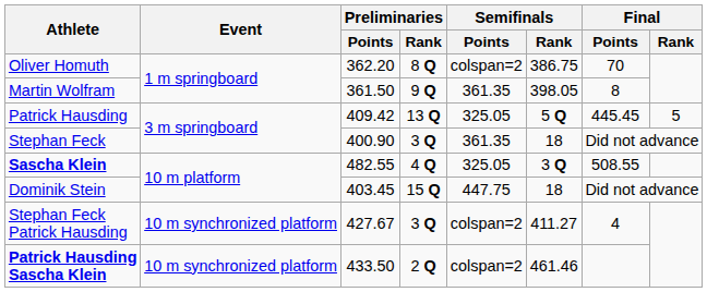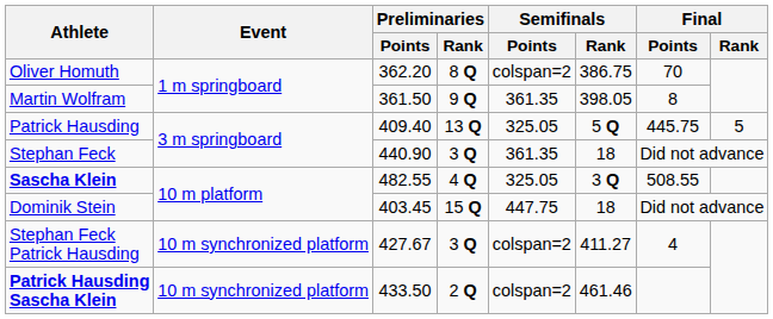 <table class=wikitable style="font-size:90%;">
 <tr>
 <th rowspan="2">Athlete</th>
 <th rowspan="2">Event</th>
 <th colspan="2">Preliminaries</th>
 <th colspan="2">Semifinals</th>
 <th colspan="2">Final</th>
 </tr>
 <tr style="font-size:95%">
 <th>Points</th>
 <th>Rank</th>
 <th>Points</th>
 <th>Rank</th>
 <th>Points</th>
 <th>Rank</th>
 </tr>
 <tr align=center>
 <td align=left><a href='#'>Oliver Homuth</a></td>
 <td align=left rowspan=2><a href='#'>1 m springboard</a></td>
 <td>362.20</td>
 <td>8 <strong>Q</strong></td>
 <td>colspan=2 </td>
 <td>386.75</td>
 <td>70</td>
 </tr>
 <tr align=center>
 <td align=left><a href='#'>Martin Wolfram</a></td>
 <td>361.50</td>
 <td>9 <strong>Q</strong></td>
 <td>361.35</td>
 <td>398.05</td>
 <td>8</td>
 </tr>
 <tr align=center>
 <td align=left><a href='#'>Patrick Hausding</a></td>
 <td align=left rowspan=2><a href='#'>3 m springboard</a></td>
-<td>409.42</td>
+<td>409.40</td>
 <td>13 <strong>Q</strong></td>
 <td>325.05</td>
 <td>5 <strong>Q</strong></td>
-<td>445.45</td>
+<td>445.75</td>
 <td>5</td>
 </tr>
 <tr align=center>
 <td align=left><a href='#'>Stephan Feck</a></td>
-<td>400.90</td>
+<td>440.90</td>
 <td>3 <strong>Q</strong></td>
 <td>361.35</td>
 <td>18</td>
 <td colspan=2>Did not advance</td>
 </tr>
 <tr align=center>
 <td align=left><strong><a href='#'>Sascha Klein</a></strong></td>
 <td align=left rowspan=2><a href='#'>10 m platform</a></td>
 <td>482.55</td>
 <td>4 <strong>Q</strong></td>
 <td>325.05</td>
 <td>3 <strong>Q</strong></td>
 <td>508.55</td>
 <td></td>
 </tr>
 <tr align=center>
 <td align=left><a href='#'>Dominik Stein</a></td>
 <td>403.45</td>
 <td>15 <strong>Q</strong></td>
 <td>447.75</td>
 <td>18</td>
 <td colspan=2>Did not advance</td>
 </tr>
 <tr align=center>
 <td align=left><a href='#'>Stephan Feck</a><br><a href='#'>Patrick Hausding</a></td>
 <td align=left><a href='#'>10 m synchronized platform</a></td>
 <td>427.67</td>
 <td>3 <strong>Q</strong></td>
 <td>colspan=2 </td>
 <td>411.27</td>
 <td>4</td>
 </tr>
 <tr align=center>
 <td align=left><strong><a href='#'>Patrick Hausding</a></strong><br><strong><a href='#'>Sascha Klein</a></strong></td>
 <td align=left><a href='#'>10 m synchronized platform</a></td>
 <td>433.50</td>
 <td>2 <strong>Q</strong></td>
 <td>colspan=2 </td>
 <td>461.46</td>
 <td></td>
 </tr>
 </table>
